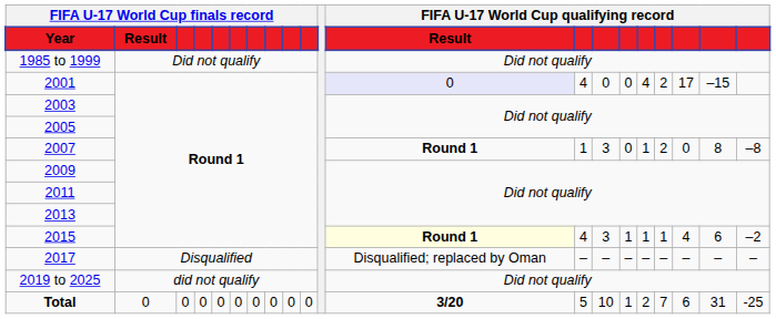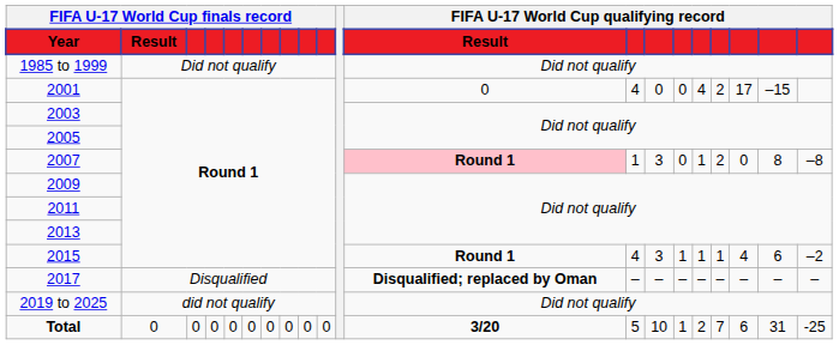 <table Class = "wikitable" style = "text-align: center; width:70%;">
 <tr>
 <th colspan=10><a href='#'>FIFA U-17 World Cup finals record</a></th>
 <th style="width:1%;" rowspan="25"></th>
 <th colspan=9>FIFA U-17 World Cup qualifying record</th>
 </tr>
 <tr>
 <th style="background:#ED1C24;border: 2px solid #3F43A4;"><span>Year</span></th>
 <th style="background:#ED1C24;border: 2px solid #3F43A4;"><span>Result</span></th>
 <th style="background:#ED1C24;border: 2px solid #3F43A4;"><span></span></th>
 <th style="background:#ED1C24;border: 2px solid #3F43A4;"><span></span></th>
 <th style="background:#ED1C24;border: 2px solid #3F43A4;"><span></span></th>
 <th style="background:#ED1C24;border: 2px solid #3F43A4;"><span></span></th>
 <th style="background:#ED1C24;border: 2px solid #3F43A4;"><span></span></th>
 <th style="background:#ED1C24;border: 2px solid #3F43A4;"><span></span></th>
 <th style="background:#ED1C24;border: 2px solid #3F43A4;"><span></span></th>
 <th style="background:#ED1C24;border: 2px solid #3F43A4;"><span></span></th>
 <th style="background:#ED1C24;border: 2px solid #3F43A4;"><span>Result</span></th>
 <th style="background:#ED1C24;border: 2px solid #3F43A4;"><span></span></th>
 <th style="background:#ED1C24;border: 2px solid #3F43A4;"><span></span></th>
 <th style="background:#ED1C24;border: 2px solid #3F43A4;"><span></span></th>
 <th style="background:#ED1C24;border: 2px solid #3F43A4;"><span></span></th>
 <th style="background:#ED1C24;border: 2px solid #3F43A4;"><span></span></th>
 <th style="background:#ED1C24;border: 2px solid #3F43A4;"><span></span></th>
 <th style="background:#ED1C24;border: 2px solid #3F43A4;"><span></span></th>
 <th style="background:#ED1C24;border: 2px solid #3F43A4;"><span></span></th>
 </tr>
 <tr>
 <td> <a href='#'>1985</a> to  <a href='#'>1999</a></td>
 <td colspan=9><em>Did not qualify</em></td>
 <td colspan=9><em>Did not qualify</em></td>
 </tr>
 <tr>
 <td> <a href='#'>2001</a></td>
 <td colspan=9 rowspan=8><strong>Round 1</strong></td>
-<td style="background: lavender;">0</td>
+<td>0</td>
 <td>4</td>
 <td>0</td>
 <td>0</td>
 <td>4</td>
 <td>2</td>
 <td>17</td>
 <td>–15</td>
 </tr>
 <tr>
 <td> <a href='#'>2003</a></td>
 <td colspan=9 rowspan=2><em>Did not qualify</em></td>
 </tr>
 <tr>
 <td> <a href='#'>2005</a></td>
 </tr>
 <tr>
 <td> <a href='#'>2007</a></td>
-<td><strong>Round 1</strong></td>
+<td style="background: pink;"><strong>Round 1</strong></td>
 <td>1</td>
 <td>3</td>
 <td>0</td>
 <td>1</td>
 <td>2</td>
 <td>0</td>
 <td>8</td>
 <td>–8</td>
 </tr>
 <tr>
 <td> <a href='#'>2009</a></td>
 <td colspan=9 rowspan=3><em>Did not qualify</em></td>
 </tr>
 <tr>
 <td> <a href='#'>2011</a></td>
 </tr>
 <tr>
 <td> <a href='#'>2013</a></td>
 </tr>
 <tr>
 <td> <a href='#'>2015</a></td>
-<td style="background: lightyellow;"><strong>Round 1</strong></td>
+<td><strong>Round 1</strong></td>
 <td>4</td>
 <td>3</td>
 <td>1</td>
 <td>1</td>
 <td>1</td>
 <td>4</td>
 <td>6</td>
 <td>–2</td>
 </tr>
 <tr>
 <td> <a href='#'>2017</a></td>
 <td colspan=9 rowspan=1><em>Disqualified</em></td>
-<td>Disqualified; replaced by Oman</td>
+<td><strong>Disqualified; replaced by Oman</strong></td>
 <td>–</td>
 <td>–</td>
 <td>–</td>
 <td>–</td>
 <td>–</td>
 <td>–</td>
 <td>–</td>
 <td>–</td>
 </tr>
 <tr>
 <td> <a href='#'>2019</a> to  <a href='#'>2025</a></td>
 <td colspan=9><em>did not qualify</em></td>
 <td colspan=9><em>Did not qualify</em></td>
 </tr>
 <tr>
 <td><strong>Total</strong></td>
 <td>0</td>
 <td>0</td>
 <td>0</td>
 <td>0</td>
 <td>0</td>
 <td>0</td>
 <td>0</td>
 <td>0</td>
 <td>0</td>
 <td><strong>3/20</strong></td>
 <td>5</td>
 <td>10</td>
 <td>1</td>
 <td>2</td>
 <td>7</td>
 <td>6</td>
 <td>31</td>
 <td>-25</td>
 </tr>
 </table>
